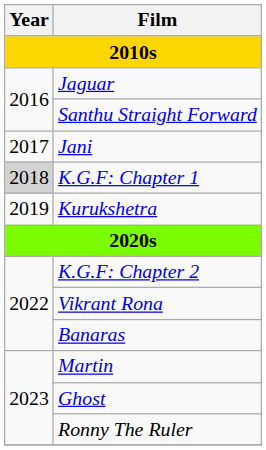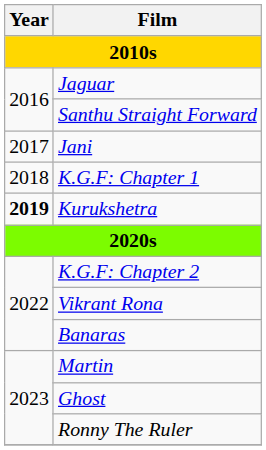 <table class="wikitable sortable">
 <tr>
 <th>Year</th>
 <th>Film</th>
 </tr>
 <tr>
 <th colspan="2" style="background:Gold">2010s</th>
 </tr>
 <tr>
 <td rowspan="2">2016</td>
 <td><em><a href='#'>Jaguar</a> </em></td>
 </tr>
 <tr>
 <td><em><a href='#'>Santhu Straight Forward</a></em></td>
 </tr>
 <tr>
 <td>2017</td>
 <td><em><a href='#'>Jani</a></em></td>
 </tr>
 <tr>
-<td style="background: lightgrey;">2018</td>
+<td>2018</td>
 <td><em><a href='#'>K.G.F: Chapter 1</a></em></td>
 </tr>
 <tr>
-<td>2019</td>
+<td><strong>2019</strong></td>
 <td><em><a href='#'>Kurukshetra</a></em></td>
 </tr>
 <tr>
 <th colspan="2" style="background:LawnGreen">2020s</th>
 </tr>
 <tr>
 <td rowspan="3">2022</td>
 <td><em><a href='#'>K.G.F: Chapter 2</a></em></td>
 </tr>
 <tr>
 <td><em><a href='#'>Vikrant Rona</a></em></td>
 </tr>
 <tr>
 <td><em><a href='#'>Banaras</a></em></td>
 </tr>
 <tr>
 <td rowspan="3">2023</td>
 <td><em><a href='#'>Martin</a></em></td>
 </tr>
 <tr>
 <td><em><a href='#'>Ghost</a></em></td>
 </tr>
 <tr>
 <td><em>Ronny The Ruler</em></td>
 </tr>
 <tr>
 </tr>
 </table>
